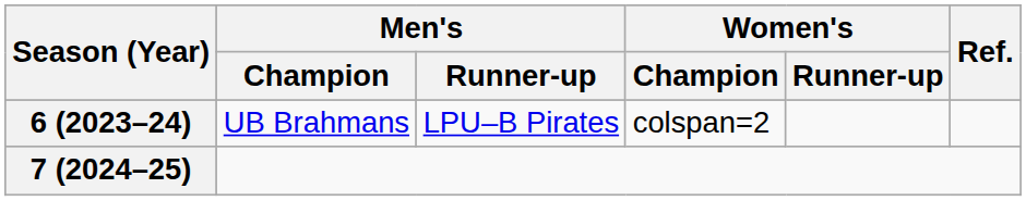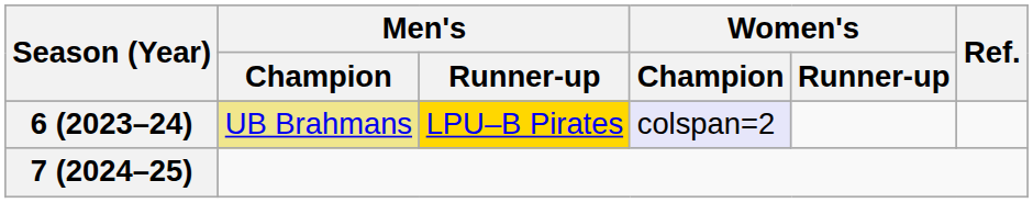 <table class="wikitable">
 <tr>
 <th rowspan=2>Season (Year)</th>
 <th colspan=2>Men's</th>
 <th colspan=2>Women's</th>
 <th rowspan=2>Ref.</th>
 </tr>
 <tr>
 <th>Champion</th>
 <th>Runner-up</th>
 <th>Champion</th>
 <th>Runner-up</th>
 </tr>
 <tr>
 <th>6 (2023–24)</th>
-<td><a href='#'>UB Brahmans</a></td>
-<td><a href='#'>LPU–B Pirates</a></td>
-<td>colspan=2 </td>
+<td style="background: khaki;"><a href='#'>UB Brahmans</a></td>
+<td style="background: gold;"><a href='#'>LPU–B Pirates</a></td>
+<td style="background: lavender;">colspan=2 </td>
 <td></td>
 </tr>
 <tr>
 <th>7 (2024–25)</th>
 <td align=center colspan=5></td>
 </tr>
 </table>
